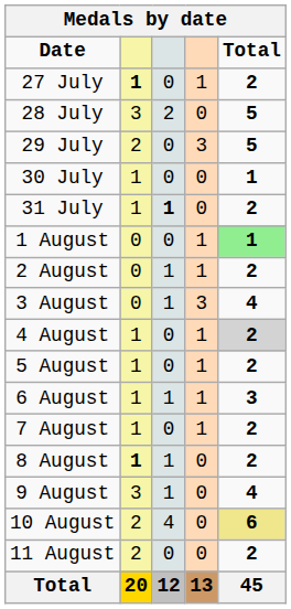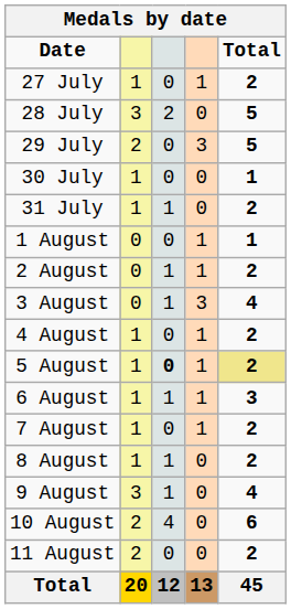 <table class="wikitable" style="font-size:95%">
 <tr bgcolor="#efefef">
 <th colspan=6>Medals by date</th>
 </tr>
 <tr align=center>
 <td><strong>Date</strong></td>
 <td bgcolor=#f7f6a8></td>
 <td bgcolor=#dce5e5></td>
 <td bgcolor=#ffdab9></td>
 <td><strong>Total</strong></td>
 </tr>
 <tr align=center>
 <td>27 July</td>
-<td style="background:#F7F6A8;"><strong>1</strong></td>
+<td style="background:#F7F6A8;">1</td>
 <td style="background:#DCE5E5;">0</td>
 <td style="background:#FFDAB9;">1</td>
 <td><strong>2</strong></td>
 </tr>
 <tr align=center>
 <td>28 July</td>
 <td style="background:#F7F6A8;">3</td>
 <td style="background:#DCE5E5;">2</td>
 <td style="background:#FFDAB9;">0</td>
 <td><strong>5</strong></td>
 </tr>
 <tr align=center>
 <td>29 July</td>
 <td style="background:#F7F6A8;">2</td>
 <td style="background:#DCE5E5;">0</td>
 <td style="background:#FFDAB9;">3</td>
 <td><strong>5</strong></td>
 </tr>
 <tr align=center>
 <td>30 July</td>
 <td style="background:#F7F6A8;">1</td>
 <td style="background:#DCE5E5;">0</td>
 <td style="background:#FFDAB9;">0</td>
 <td><strong>1</strong></td>
 </tr>
 <tr align=center>
 <td>31 July</td>
 <td style="background:#F7F6A8;">1</td>
-<td style="background:#DCE5E5;"><strong>1</strong></td>
+<td style="background:#DCE5E5;">1</td>
 <td style="background:#FFDAB9;">0</td>
 <td><strong>2</strong></td>
 </tr>
 <tr align=center>
 <td>1 August</td>
 <td style="background:#F7F6A8;">0</td>
 <td style="background:#DCE5E5;">0</td>
 <td style="background:#FFDAB9;">1</td>
-<td style="background: lightgreen;"><strong>1</strong></td>
+<td><strong>1</strong></td>
 </tr>
 <tr align=center>
 <td>2 August</td>
 <td style="background:#F7F6A8;">0</td>
 <td style="background:#DCE5E5;">1</td>
 <td style="background:#FFDAB9;">1</td>
 <td><strong>2</strong></td>
 </tr>
 <tr align=center>
 <td>3 August</td>
 <td style="background:#F7F6A8;">0</td>
 <td style="background:#DCE5E5;">1</td>
 <td style="background:#FFDAB9;">3</td>
 <td><strong>4</strong></td>
 </tr>
 <tr align=center>
 <td>4 August</td>
 <td style="background:#F7F6A8;">1</td>
 <td style="background:#DCE5E5;">0</td>
 <td style="background:#FFDAB9;">1</td>
-<td style="background: lightgrey;"><strong>2</strong></td>
+<td><strong>2</strong></td>
 </tr>
 <tr align=center>
 <td>5 August</td>
 <td style="background:#F7F6A8;">1</td>
-<td style="background:#DCE5E5;">0</td>
+<td style="background:#DCE5E5;"><strong>0</strong></td>
 <td style="background:#FFDAB9;">1</td>
-<td><strong>2</strong></td>
+<td style="background: khaki;"><strong>2</strong></td>
 </tr>
 <tr align=center>
 <td>6 August</td>
 <td style="background:#F7F6A8;">1</td>
 <td style="background:#DCE5E5;">1</td>
 <td style="background:#FFDAB9;">1</td>
 <td><strong>3</strong></td>
 </tr>
 <tr align=center>
 <td>7 August</td>
 <td style="background:#F7F6A8;">1</td>
 <td style="background:#DCE5E5;">0</td>
 <td style="background:#FFDAB9;">1</td>
 <td><strong>2</strong></td>
 </tr>
 <tr align=center>
 <td>8 August</td>
-<td style="background:#F7F6A8;"><strong>1</strong></td>
+<td style="background:#F7F6A8;">1</td>
 <td style="background:#DCE5E5;">1</td>
 <td style="background:#FFDAB9;">0</td>
 <td><strong>2</strong></td>
 </tr>
 <tr align=center>
 <td>9 August</td>
 <td style="background:#F7F6A8;">3</td>
 <td style="background:#DCE5E5;">1</td>
 <td style="background:#FFDAB9;">0</td>
 <td><strong>4</strong></td>
 </tr>
 <tr align=center>
 <td>10 August</td>
 <td style="background:#F7F6A8;">2</td>
 <td style="background:#DCE5E5;">4</td>
 <td style="background:#FFDAB9;">0</td>
-<td style="background: khaki;"><strong>6</strong></td>
+<td><strong>6</strong></td>
 </tr>
 <tr align=center>
 <td>11 August</td>
 <td style="background:#F7F6A8;">2</td>
 <td style="background:#DCE5E5;">0</td>
 <td style="background:#FFDAB9;">0</td>
 <td><strong>2</strong></td>
 </tr>
 <tr align=center>
 <th><strong>Total</strong></th>
 <th style="background:gold;"><strong>20</strong></th>
 <th style="background:silver;"><strong>12</strong></th>
 <th style="background:#c96;"><strong>13</strong></th>
 <th>45</th>
 </tr>
 </table>
